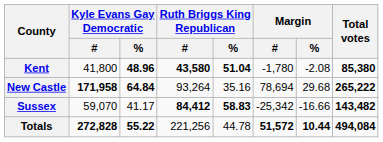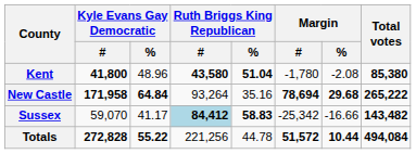 <table class="wikitable sortable" style="text-align:right;font-size:90%;line-height:1.3">
 <tr>
 <th rowspan="2">County</th>
 <th colspan="2"><a href='#'>Kyle Evans Gay</a><br><a href='#'>Democratic</a></th>
 <th colspan="2"><a href='#'>Ruth Briggs King</a><br><a href='#'>Republican</a></th>
 <th colspan="2">Margin</th>
 <th rowspan="2">Total<br>votes</th>
 </tr>
 <tr>
 <th data-sort-type="number">#</th>
 <th data-sort-type="number">%</th>
 <th data-sort-type="number">#</th>
 <th data-sort-type="number">%</th>
 <th data-sort-type="number">#</th>
 <th data-sort-type="number">%</th>
 </tr>
 <tr>
 <th><a href='#'>Kent</a></th>
-<td>41,800</td>
-<td><strong>48.96</strong></td>
+<td><strong>41,800</strong></td>
+<td>48.96</td>
 <td><strong>43,580</strong></td>
 <td><strong>51.04</strong></td>
 <td>-1,780</td>
 <td>-2.08</td>
 <td><strong>85,380</strong></td>
 </tr>
 <tr>
 <th><a href='#'>New Castle</a></th>
 <td><strong>171,958</strong></td>
 <td><strong>64.84</strong></td>
 <td>93,264</td>
 <td>35.16</td>
-<td>78,694</td>
-<td>29.68</td>
+<td><strong>78,694</strong></td>
+<td><strong>29.68</strong></td>
 <td><strong>265,222</strong></td>
 </tr>
 <tr>
 <th><a href='#'>Sussex</a></th>
 <td>59,070</td>
 <td>41.17</td>
-<td><strong>84,412</strong></td>
+<td style="background: lightblue;"><strong>84,412</strong></td>
 <td><strong>58.83</strong></td>
 <td>-25,342</td>
 <td>-16.66</td>
 <td><strong>143,482</strong></td>
 </tr>
 <tr class="sortbottom">
 <th>Totals</th>
 <td><strong>272,828</strong></td>
 <td><strong>55.22</strong></td>
 <td>221,256</td>
 <td>44.78</td>
 <td><strong>51,572</strong></td>
 <td><strong>10.44</strong></td>
 <td><strong>494,084</strong></td>
 </tr>
 </table>
